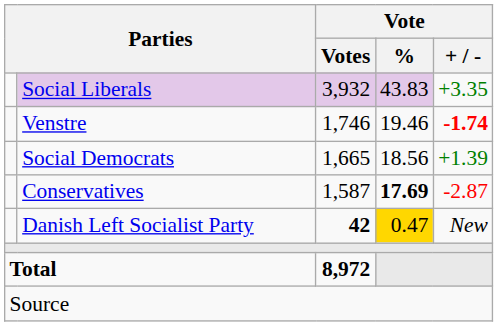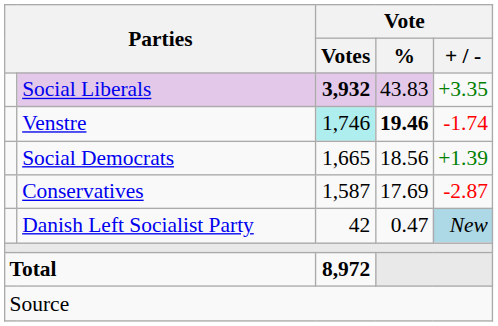 <table class="wikitable" style="text-align:right;">
 <tr>
 <th style="text-align:centre;" rowspan="2" colspan="2" width="225">Parties</th>
 <th colspan="3">Vote</th>
 </tr>
 <tr>
 <th width="15">Votes</th>
 <th width="15">%</th>
 <th width="15">+ / -</th>
 </tr>
 <tr>
 <td width="2" style="color:inherit;background:"></td>
 <td bgcolor=#e3c8e9  align="left"><a href='#'>Social Liberals</a></td>
-<td bgcolor=#e3c8e9>3,932</td>
+<td bgcolor=#e3c8e9><strong>3,932</strong></td>
 <td bgcolor=#e3c8e9>43.83</td>
 <td style=color:green;>+3.35</td>
 </tr>
 <tr>
 <td width="2" style="color:inherit;background:"></td>
 <td align="left"><a href='#'>Venstre</a></td>
-<td>1,746</td>
-<td>19.46</td>
-<td style=color:red;><strong>-1.74</strong></td>
+<td style="background: paleturquoise;">1,746</td>
+<td><strong>19.46</strong></td>
+<td style=color:red;>-1.74</td>
 </tr>
 <tr>
 <td width="2" style="color:inherit;background:"></td>
 <td align="left"><a href='#'>Social Democrats</a></td>
 <td>1,665</td>
 <td>18.56</td>
 <td style=color:green;>+1.39</td>
 </tr>
 <tr>
 <td width="2" style="color:inherit;background:"></td>
 <td align="left"><a href='#'>Conservatives</a></td>
 <td>1,587</td>
-<td><strong>17.69</strong></td>
+<td>17.69</td>
 <td style=color:red;>-2.87</td>
 </tr>
 <tr>
 <td width="2" style="color:inherit;background:"></td>
 <td align="left"><a href='#'>Danish Left Socialist Party</a></td>
-<td><strong>42</strong></td>
-<td style="background: gold;">0.47</td>
-<td><em>New</em></td>
+<td>42</td>
+<td>0.47</td>
+<td style="background: lightblue;"><em>New</em></td>
 </tr>
 <tr>
 <td colspan="7" bgcolor="#E9E9E9"></td>
 </tr>
 <tr>
 <td align="left" colspan="2"><strong>Total</strong></td>
 <td><strong>8,972</strong></td>
 <td bgcolor="#E9E9E9" colspan="2"></td>
 </tr>
 <tr>
 <td align="left" colspan="6">Source</td>
 </tr>
 </table>
